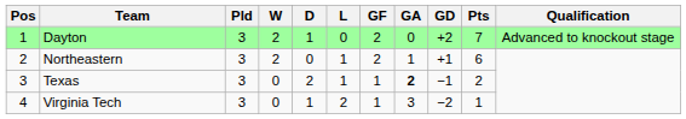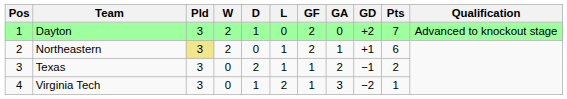 <table class="wikitable" style="text-align:center; margin: 1em auto">
 <tr>
 <th style=width:2em>Pos</th>
 <th style=width:13em>Team</th>
 <th style=width:2em>Pld</th>
 <th style=width:2em>W</th>
 <th style=width:2em>D</th>
 <th style=width:2em>L</th>
 <th style=width:2em>GF</th>
 <th style=width:2em>GA</th>
 <th style=width:2em>GD</th>
 <th style=width:2em>Pts</th>
 <th style=width:13em>Qualification</th>
 </tr>
 <tr bgcolor="#9eff9e">
 <td>1</td>
 <td style="text-align:left">Dayton</td>
 <td>3</td>
 <td>2</td>
 <td>1</td>
 <td>0</td>
 <td>2</td>
 <td>0</td>
 <td>+2</td>
 <td>7</td>
 <td>Advanced to knockout stage</td>
 </tr>
 <tr>
 <td>2</td>
 <td style="text-align:left">Northeastern</td>
-<td>3</td>
+<td style="background: khaki;">3</td>
 <td>2</td>
 <td>0</td>
 <td>1</td>
 <td>2</td>
 <td>1</td>
 <td>+1</td>
 <td>6</td>
 <td rowspan="3"></td>
 </tr>
 <tr>
 <td>3</td>
 <td style="text-align:left">Texas</td>
 <td>3</td>
 <td>0</td>
 <td>2</td>
 <td>1</td>
 <td>1</td>
-<td><strong>2</strong></td>
+<td>2</td>
 <td>−1</td>
 <td>2</td>
 </tr>
 <tr>
 <td>4</td>
 <td style="text-align:left">Virginia Tech</td>
 <td>3</td>
 <td>0</td>
 <td>1</td>
 <td>2</td>
 <td>1</td>
 <td>3</td>
 <td>−2</td>
 <td>1</td>
 </tr>
 </table>
